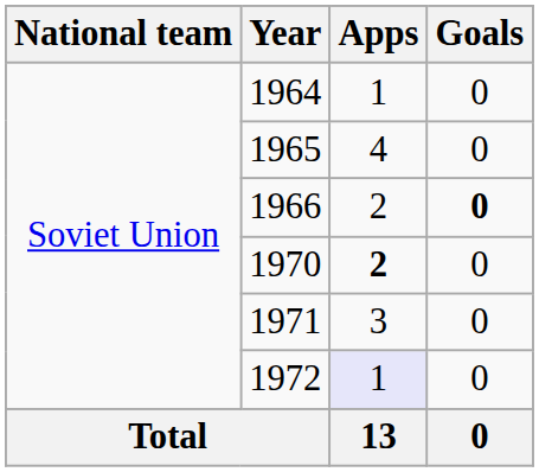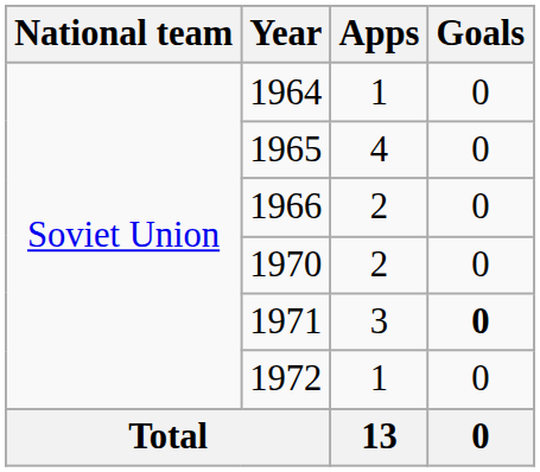 <table class="wikitable" style="text-align:center">
 <tr>
 <th>National team</th>
 <th>Year</th>
 <th>Apps</th>
 <th>Goals</th>
 </tr>
 <tr>
 <td rowspan="6"><a href='#'>Soviet Union</a></td>
 <td>1964</td>
 <td>1</td>
 <td>0</td>
 </tr>
 <tr>
 <td>1965</td>
 <td>4</td>
 <td>0</td>
 </tr>
 <tr>
 <td>1966</td>
 <td>2</td>
-<td><strong>0</strong></td>
+<td>0</td>
 </tr>
 <tr>
 <td>1970</td>
-<td><strong>2</strong></td>
+<td>2</td>
 <td>0</td>
 </tr>
 <tr>
 <td>1971</td>
 <td>3</td>
-<td>0</td>
+<td><strong>0</strong></td>
 </tr>
 <tr>
 <td>1972</td>
-<td style="background: lavender;">1</td>
+<td>1</td>
 <td>0</td>
 </tr>
 <tr>
 <th colspan="2">Total</th>
 <th>13</th>
 <th>0</th>
 </tr>
 </table>
